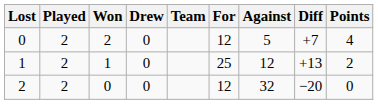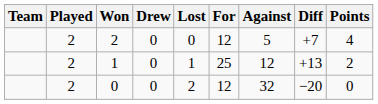 <table class="wikitable" style="text-align:center">
 <tr>
-<th>Lost</th>
+<th>Team</th>
 <th>Played</th>
 <th>Won</th>
 <th>Drew</th>
-<th>Team</th>
+<th>Lost</th>
 <th>For</th>
 <th>Against</th>
 <th>Diff</th>
 <th>Points</th>
 </tr>
 <tr>
-<td>0</td>
+<td align=left></td>
 <td>2</td>
 <td>2</td>
 <td>0</td>
-<td align=left></td>
+<td>0</td>
 <td>12</td>
 <td>5</td>
 <td>+7</td>
 <td>4</td>
 </tr>
 <tr>
-<td>1</td>
+<td align=left></td>
 <td>2</td>
 <td>1</td>
 <td>0</td>
-<td align=left></td>
+<td>1</td>
 <td>25</td>
 <td>12</td>
 <td>+13</td>
 <td>2</td>
 </tr>
 <tr>
-<td>2</td>
+<td align=left></td>
 <td>2</td>
 <td>0</td>
 <td>0</td>
-<td align=left></td>
+<td>2</td>
 <td>12</td>
 <td>32</td>
 <td>−20</td>
 <td>0</td>
 </tr>
 </table>
